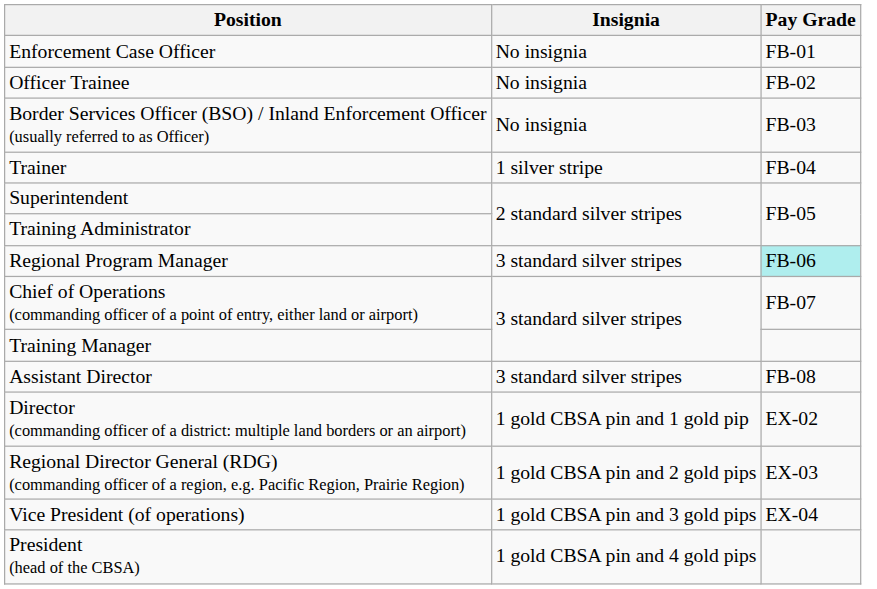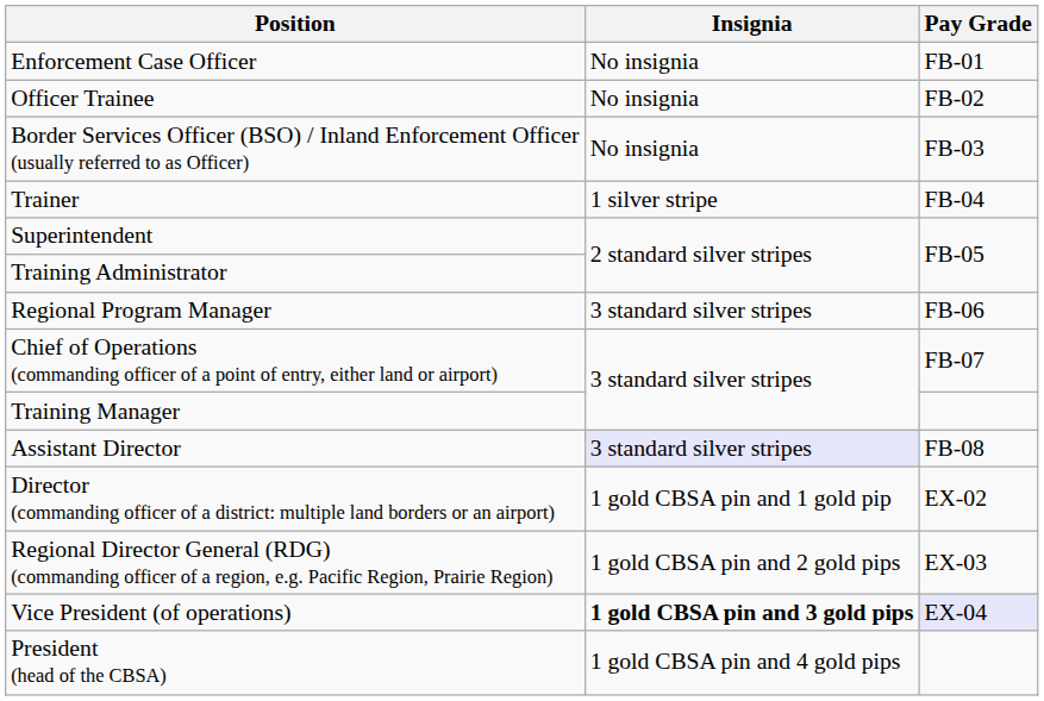 <table class="wikitable">
 <tr>
 <th>Position</th>
 <th>Insignia</th>
 <th>Pay Grade</th>
 </tr>
 <tr>
 <td>Enforcement Case Officer</td>
 <td>No insignia</td>
 <td>FB-01</td>
 </tr>
 <tr>
 <td>Officer Trainee</td>
 <td>No insignia</td>
 <td>FB-02</td>
 </tr>
 <tr>
 <td>Border Services Officer (BSO) / Inland Enforcement Officer<br><small>(usually referred to as Officer)</small></td>
 <td>No insignia</td>
 <td>FB-03</td>
 </tr>
 <tr>
 <td>Trainer</td>
 <td>1 silver stripe</td>
 <td>FB-04</td>
 </tr>
 <tr>
 <td>Superintendent</td>
 <td rowspan="2">2 standard silver stripes</td>
 <td rowspan="2">FB-05</td>
 </tr>
 <tr>
 <td>Training Administrator</td>
 </tr>
 <tr>
 <td>Regional Program Manager</td>
 <td>3 standard silver stripes</td>
-<td style="background: paleturquoise;">FB-06</td>
+<td>FB-06</td>
 </tr>
 <tr>
 <td>Chief of Operations<br><small>(commanding officer of a point of entry, either land or airport)</small></td>
 <td rowspan="2">3 standard silver stripes</td>
 <td>FB-07</td>
 </tr>
 <tr>
 <td>Training Manager</td>
 <td></td>
 </tr>
 <tr>
 <td>Assistant Director</td>
-<td>3 standard silver stripes</td>
+<td style="background: lavender;">3 standard silver stripes</td>
 <td>FB-08</td>
 </tr>
 <tr>
 <td>Director<br><small>(commanding officer of a district: multiple land borders or an airport)</small></td>
 <td>1 gold CBSA pin and 1 gold pip</td>
 <td>EX-02</td>
 </tr>
 <tr>
 <td>Regional Director General (RDG)<br><small>(commanding officer of a region, e.g. Pacific Region, Prairie Region)</small></td>
 <td>1 gold CBSA pin and 2 gold pips</td>
 <td>EX-03</td>
 </tr>
 <tr>
 <td>Vice President (of operations)</td>
-<td>1 gold CBSA pin and 3 gold pips</td>
-<td>EX-04</td>
+<td><strong>1 gold CBSA pin and 3 gold pips</strong></td>
+<td style="background: lavender;">EX-04</td>
 </tr>
 <tr>
 <td>President<br><small>(head of the CBSA)</small></td>
 <td>1 gold CBSA pin and 4 gold pips</td>
 <td></td>
 </tr>
 </table>
